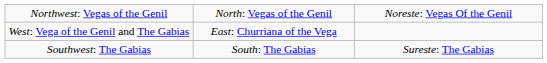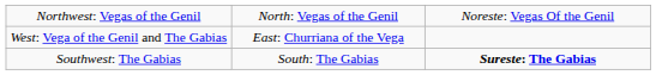 <table align="center" border="2" class="wikitable" width="60%" style="margin:1em auto;">
 <tr>
 <td align="center" width="35%"><em>Northwest</em>: <a href='#'>Vegas of the Genil</a></td>
 <td align="center" width="30%"><em>North</em>: <a href='#'>Vegas of the Genil</a></td>
 <td align="center" width="35%"><em>Noreste</em>: <a href='#'>Vegas Of the Genil</a></td>
 </tr>
 <tr>
 <td align="center" width="10%"><em>West</em>: <a href='#'>Vega of the Genil</a> and <a href='#'>The Gabias</a></td>
 <td align="center" width="30%"><em>East</em>: <a href='#'>Churriana of the Vega</a></td>
 </tr>
 <tr>
 <td align="center" width="35%"><em>Southwest</em>: <a href='#'>The Gabias</a></td>
 <td align="center" width="30%"><em>South</em>: <a href='#'>The Gabias</a></td>
-<td align="center" width="35%"><em>Sureste</em>: <a href='#'>The Gabias</a></td>
+<td align="center" width="35%"><strong><em>Sureste</em>: <a href='#'>The Gabias</a></strong></td>
 </tr>
 </table>
